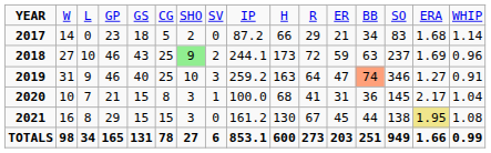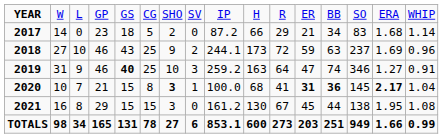 <table class="wikitable">
 <tr align=center>
 <td><strong>YEAR</strong></td>
 <td><a href='#'>W</a></td>
 <td><a href='#'>L</a></td>
 <td><a href='#'>GP</a></td>
 <td><a href='#'>GS</a></td>
 <td><a href='#'>CG</a></td>
 <td><a href='#'>SHO</a></td>
 <td><a href='#'>SV</a></td>
 <td><a href='#'>IP</a></td>
 <td><a href='#'>H</a></td>
 <td><a href='#'>R</a></td>
 <td><a href='#'>ER</a></td>
 <td><a href='#'>BB</a></td>
 <td><a href='#'>SO</a></td>
 <td><a href='#'>ERA</a></td>
 <td><a href='#'>WHIP</a></td>
 </tr>
 <tr align=center>
 <td><strong>2017</strong></td>
 <td>14</td>
 <td>0</td>
 <td>23</td>
 <td>18</td>
 <td>5</td>
 <td>2</td>
 <td>0</td>
 <td>87.2</td>
 <td>66</td>
 <td>29</td>
 <td>21</td>
 <td>34</td>
 <td>83</td>
 <td>1.68</td>
 <td>1.14</td>
 </tr>
 <tr align=center>
 <td><strong>2018</strong></td>
 <td>27</td>
 <td>10</td>
 <td>46</td>
 <td>43</td>
 <td>25</td>
-<td style="background: lightgreen;">9</td>
+<td>9</td>
 <td>2</td>
 <td>244.1</td>
 <td>173</td>
 <td>72</td>
 <td>59</td>
 <td>63</td>
 <td>237</td>
 <td>1.69</td>
 <td>0.96</td>
 </tr>
 <tr align=center>
 <td><strong>2019</strong></td>
 <td>31</td>
 <td>9</td>
 <td>46</td>
-<td>40</td>
+<td><strong>40</strong></td>
 <td>25</td>
 <td>10</td>
 <td>3</td>
 <td>259.2</td>
 <td>163</td>
 <td>64</td>
 <td>47</td>
-<td style="background: lightsalmon;">74</td>
+<td>74</td>
 <td>346</td>
 <td>1.27</td>
 <td>0.91</td>
 </tr>
 <tr align=center>
 <td><strong>2020</strong></td>
 <td>10</td>
 <td>7</td>
 <td>21</td>
 <td>15</td>
 <td>8</td>
-<td>3</td>
+<td><strong>3</strong></td>
 <td>1</td>
 <td>100.0</td>
 <td>68</td>
 <td>41</td>
-<td>31</td>
-<td>36</td>
+<td><strong>31</strong></td>
+<td><strong>36</strong></td>
 <td>145</td>
-<td>2.17</td>
+<td><strong>2.17</strong></td>
 <td>1.04</td>
 </tr>
 <tr align=center>
 <td><strong>2021</strong></td>
 <td>16</td>
 <td>8</td>
 <td>29</td>
 <td>15</td>
 <td>15</td>
 <td>3</td>
 <td>0</td>
 <td>161.2</td>
 <td>130</td>
 <td>67</td>
 <td>45</td>
 <td>44</td>
 <td>138</td>
-<td style="background: khaki;">1.95</td>
+<td>1.95</td>
 <td>1.08</td>
 </tr>
 <tr align=center>
 <td><strong>TOTALS</strong></td>
 <td><strong>98</strong></td>
 <td><strong>34</strong></td>
 <td><strong>165</strong></td>
 <td><strong>131</strong></td>
 <td><strong>78</strong></td>
 <td><strong>27</strong></td>
 <td><strong>6</strong></td>
 <td><strong>853.1</strong></td>
 <td><strong>600</strong></td>
 <td><strong>273</strong></td>
 <td><strong>203</strong></td>
 <td><strong>251</strong></td>
 <td><strong>949</strong></td>
 <td><strong>1.66</strong></td>
 <td><strong>0.99</strong></td>
 </tr>
 </table>
